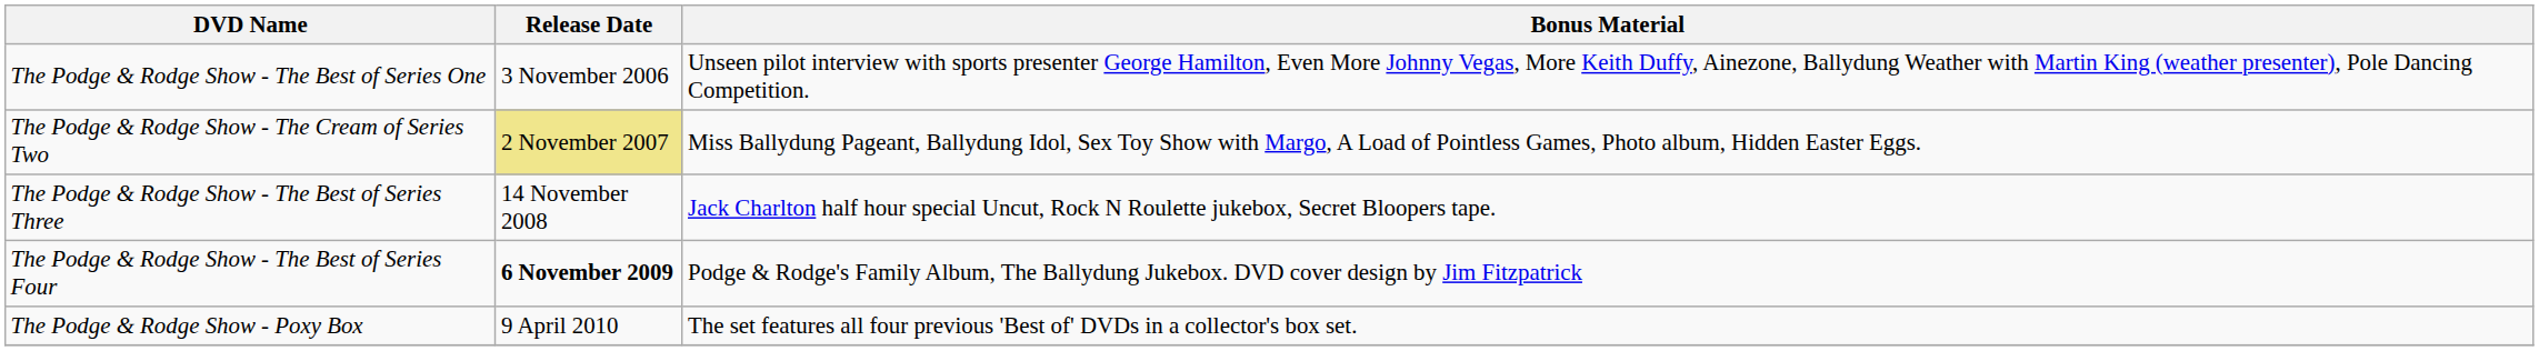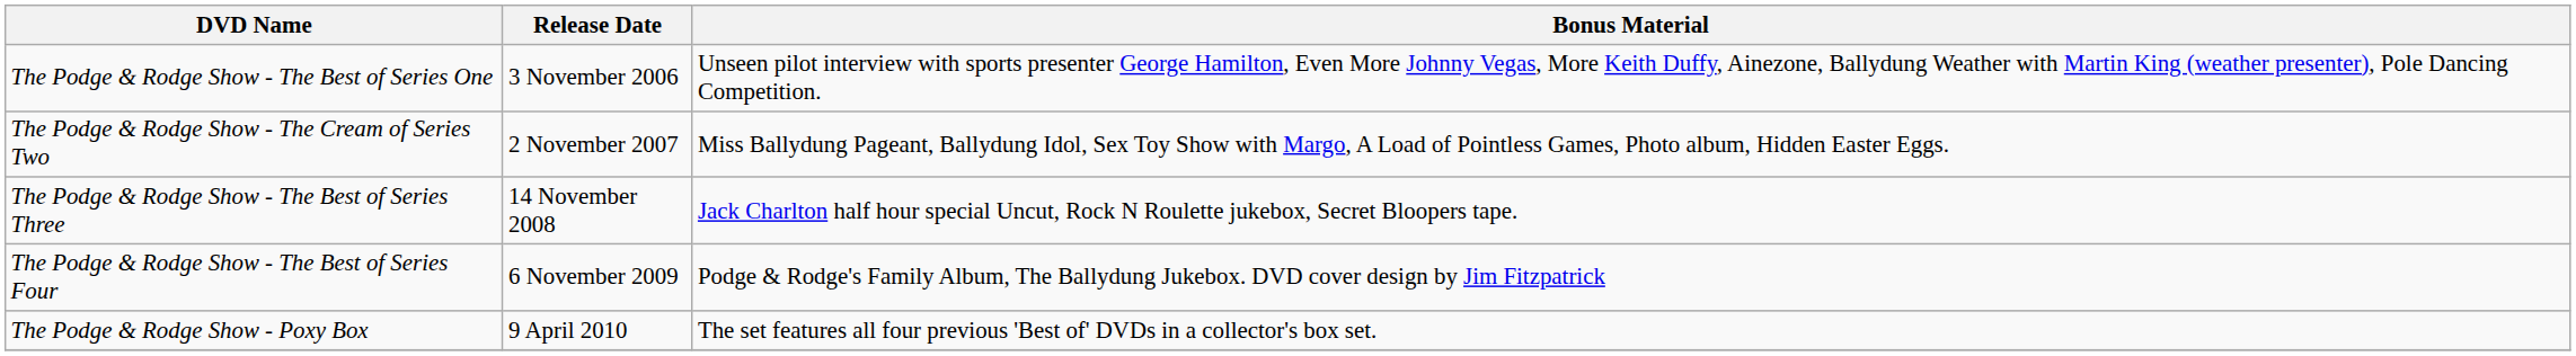 <table class="wikitable" style="font-size:90%">
 <tr>
 <th>DVD Name</th>
 <th>Release Date</th>
 <th>Bonus Material</th>
 </tr>
 <tr>
 <td><em>The Podge & Rodge Show - The Best of Series One</em></td>
 <td>3 November 2006</td>
 <td>Unseen pilot interview with sports presenter <a href='#'>George Hamilton</a>, Even More <a href='#'>Johnny Vegas</a>, More <a href='#'>Keith Duffy</a>, Ainezone, Ballydung Weather with <a href='#'>Martin King (weather presenter)</a>, Pole Dancing Competition.</td>
 </tr>
 <tr>
 <td><em>The Podge & Rodge Show - The Cream of Series Two</em></td>
-<td style="background: khaki;">2 November 2007</td>
+<td>2 November 2007</td>
 <td>Miss Ballydung Pageant, Ballydung Idol, Sex Toy Show with <a href='#'>Margo</a>, A Load of Pointless Games, Photo album, Hidden Easter Eggs.</td>
 </tr>
 <tr>
 <td><em>The Podge & Rodge Show - The Best of Series Three</em></td>
 <td>14 November 2008</td>
 <td><a href='#'>Jack Charlton</a> half hour special Uncut, Rock N Roulette jukebox, Secret Bloopers tape.</td>
 </tr>
 <tr>
 <td><em>The Podge & Rodge Show - The Best of Series Four</em></td>
-<td><strong>6 November 2009</strong></td>
+<td>6 November 2009</td>
 <td>Podge & Rodge's Family Album, The Ballydung Jukebox. DVD cover design by <a href='#'>Jim Fitzpatrick</a></td>
 </tr>
 <tr>
 <td><em>The Podge & Rodge Show - Poxy Box</em></td>
 <td>9 April 2010</td>
 <td>The set features all four previous 'Best of' DVDs in a collector's box set.</td>
 </tr>
 <tr>
 </tr>
 </table>
